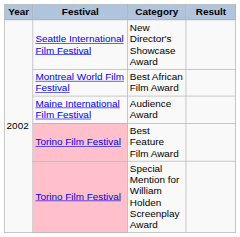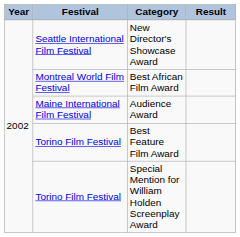 <table class="wikitable" width="60%">
 <tr>
 <th style="width:10pt; background:LightSteelBlue;">Year</th>
 <th style="width:100pt; background:LightSteelBlue;">Festival</th>
 <th style="width:40pt; background:LightSteelBlue;">Category</th>
 <th style="width:50pt; background:LightSteelBlue;">Result</th>
 </tr>
 <tr>
 <td rowspan="5">2002</td>
 <td><a href='#'>Seattle International Film Festival</a></td>
 <td>New Director's Showcase Award</td>
 <td></td>
 </tr>
 <tr>
 <td><a href='#'>Montreal World Film Festival</a></td>
 <td>Best African Film Award</td>
 <td></td>
 </tr>
 <tr>
 <td><a href='#'>Maine International Film Festival</a></td>
 <td>Audience Award</td>
 <td></td>
 </tr>
 <tr>
-<td style="background: pink;"><a href='#'>Torino Film Festival</a></td>
+<td><a href='#'>Torino Film Festival</a></td>
 <td>Best Feature Film Award</td>
 <td></td>
 </tr>
 <tr>
-<td style="background: pink;"><a href='#'>Torino Film Festival</a></td>
+<td><a href='#'>Torino Film Festival</a></td>
 <td>Special Mention for William Holden Screenplay Award</td>
 <td></td>
 </tr>
 </table>
